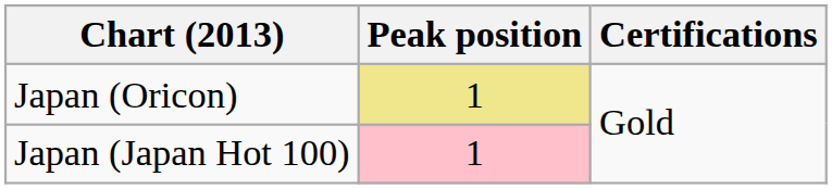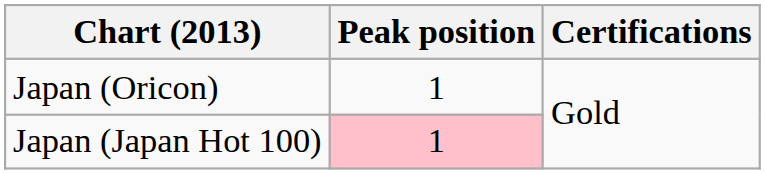 <table class="wikitable">
 <tr>
 <th>Chart (2013)</th>
 <th>Peak position</th>
 <th>Certifications</th>
 </tr>
 <tr>
 <td>Japan (Oricon)</td>
-<td style="background: khaki; text-align:center;">1</td>
+<td style="text-align:center;">1</td>
 <td rowspan="2">Gold</td>
 </tr>
 <tr>
 <td>Japan (Japan Hot 100)</td>
 <td style="background: pink; text-align:center;">1</td>
 </tr>
 </table>
